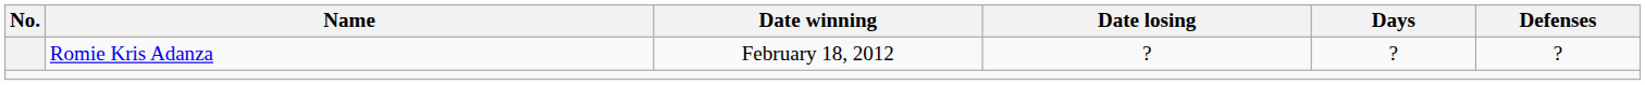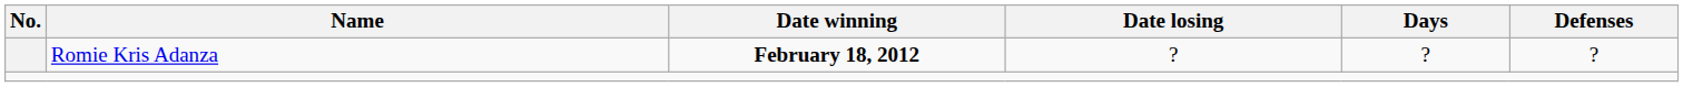 <table class="wikitable" style="width:100%;">
 <tr>
 <th style="width:1%;">No.</th>
 <th style="width:37%;">Name</th>
 <th style="width:20%;">Date winning</th>
 <th style="width:20%;">Date losing</th>
 <th data-sort-type="number" style="width:10%;">Days</th>
 <th data-sort-type="number" style="width:10%;">Defenses</th>
 </tr>
 <tr align=center>
 <th></th>
 <td align=left> <a href='#'>Romie Kris Adanza</a></td>
-<td>February 18, 2012</td>
+<td><strong>February 18, 2012</strong></td>
 <td>?</td>
 <td>?</td>
 <td>?</td>
 </tr>
 <tr>
 <td colspan="6"></td>
 </tr>
 </table>
